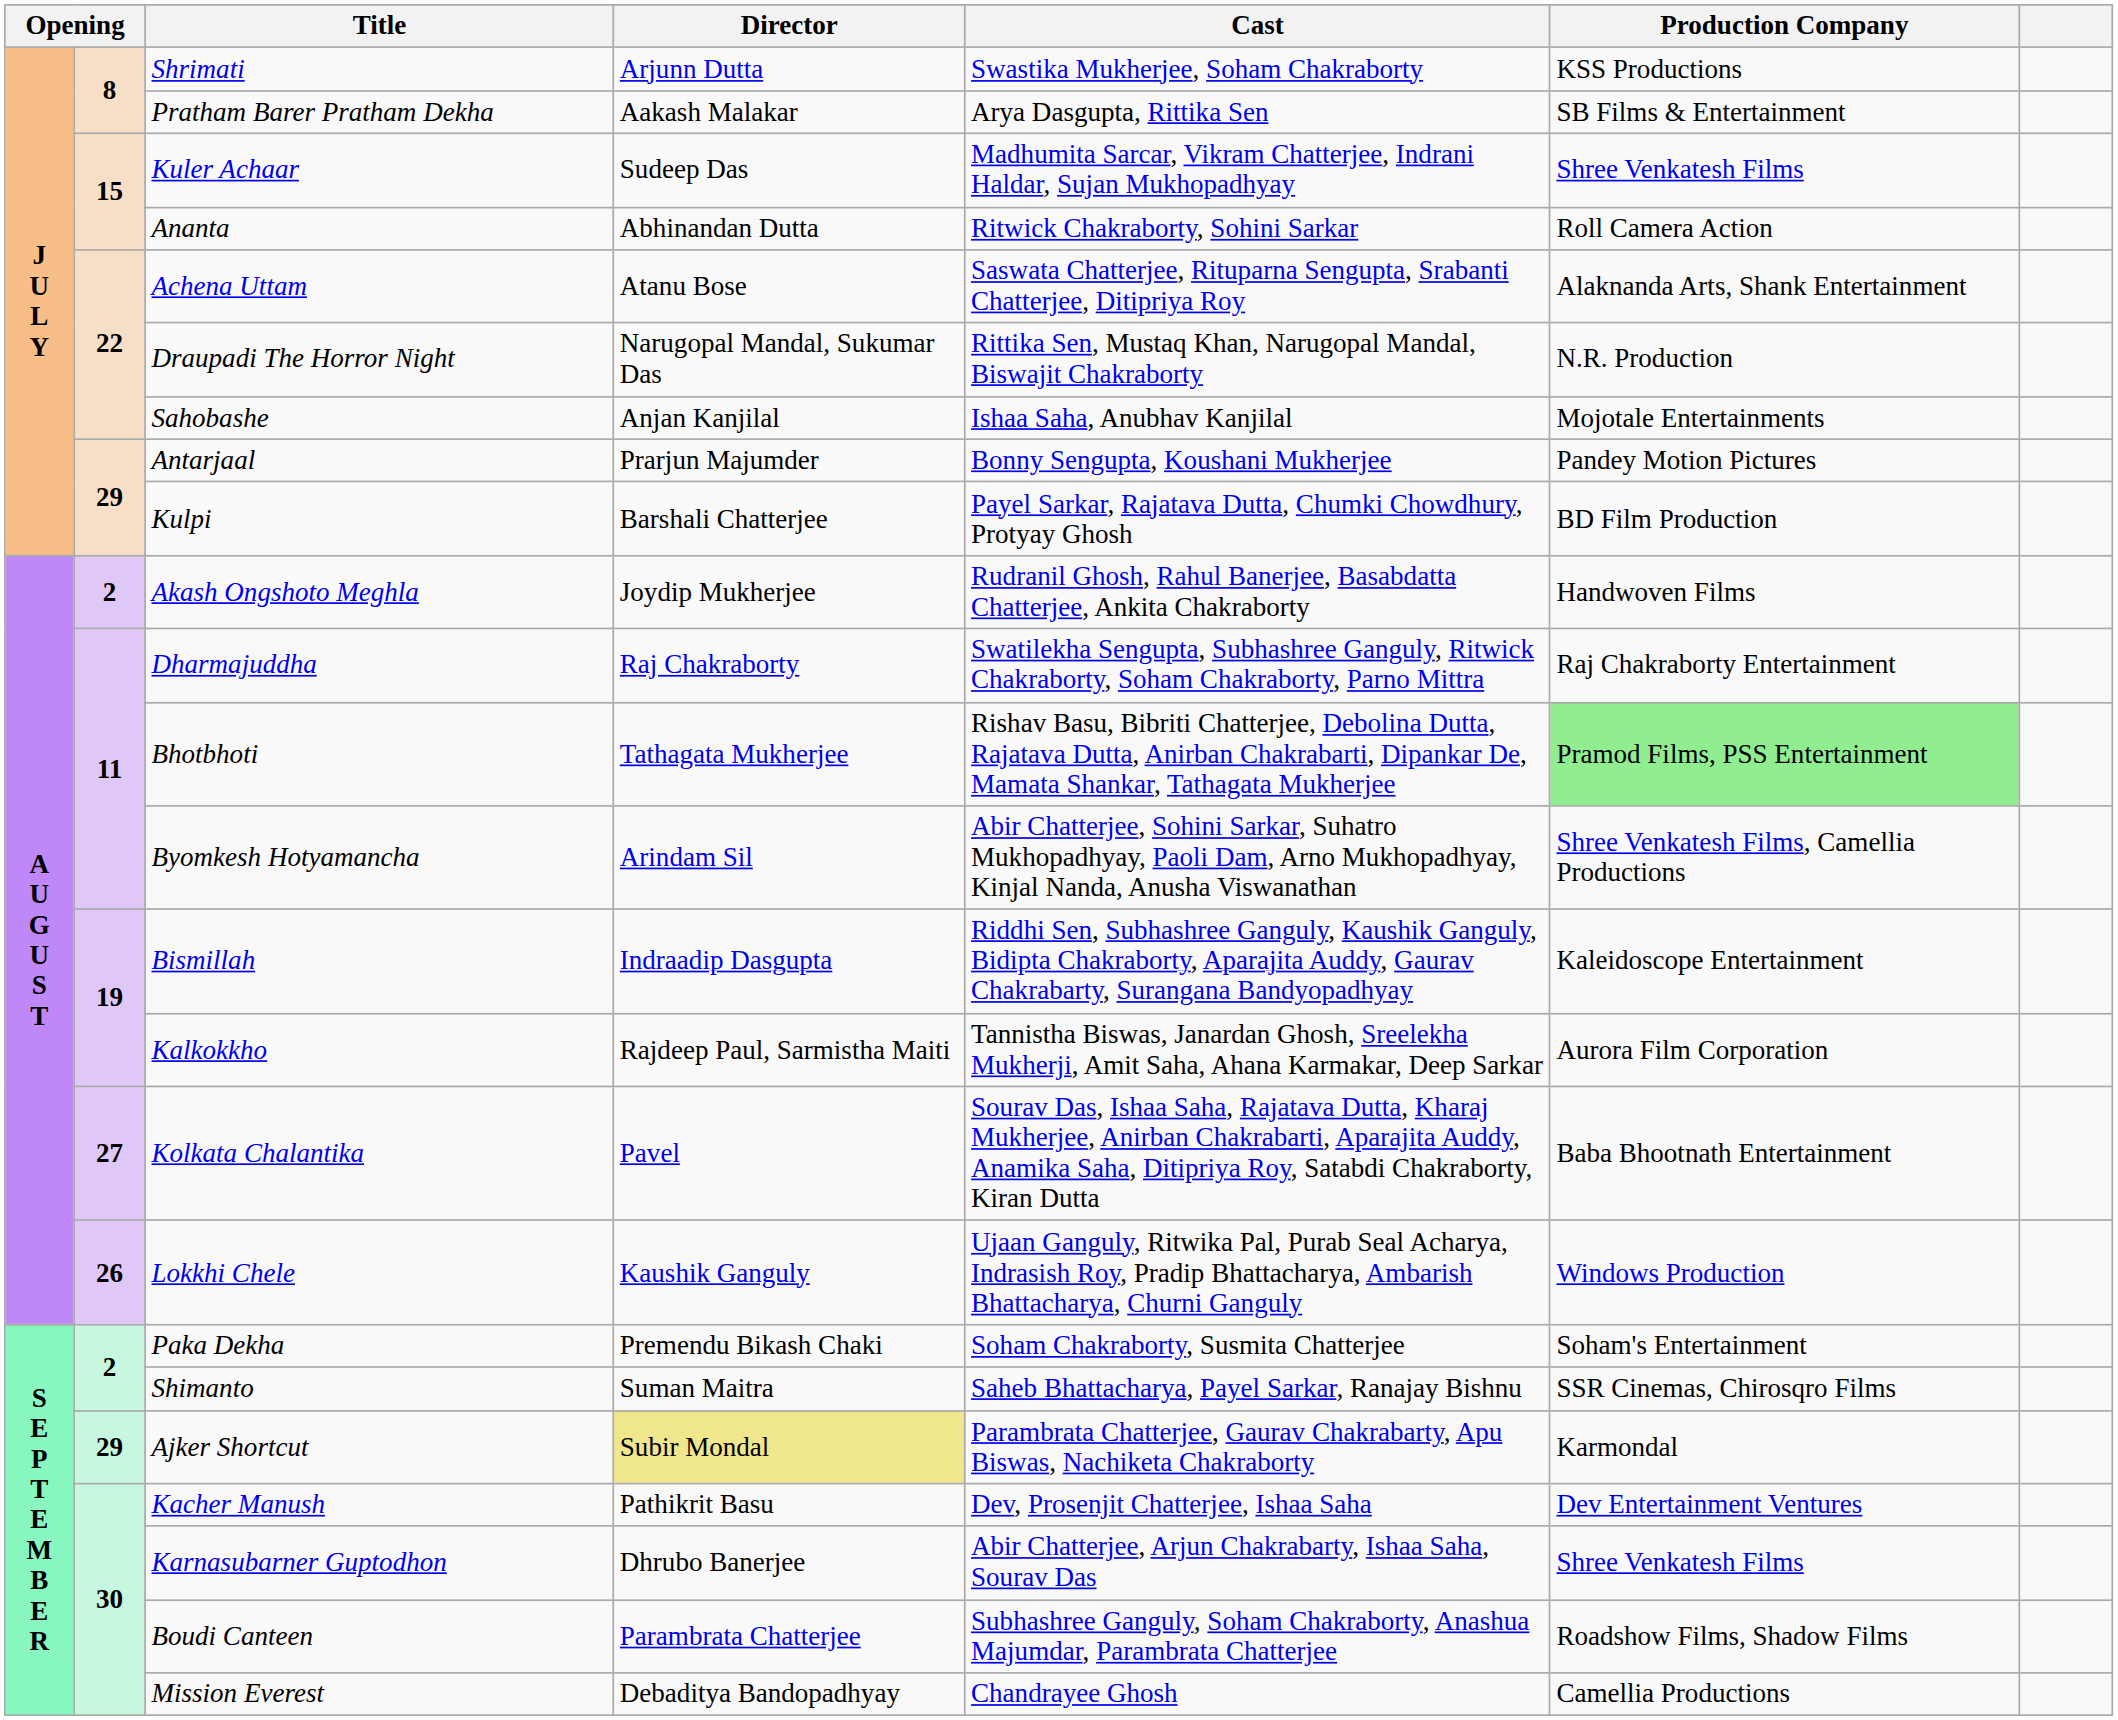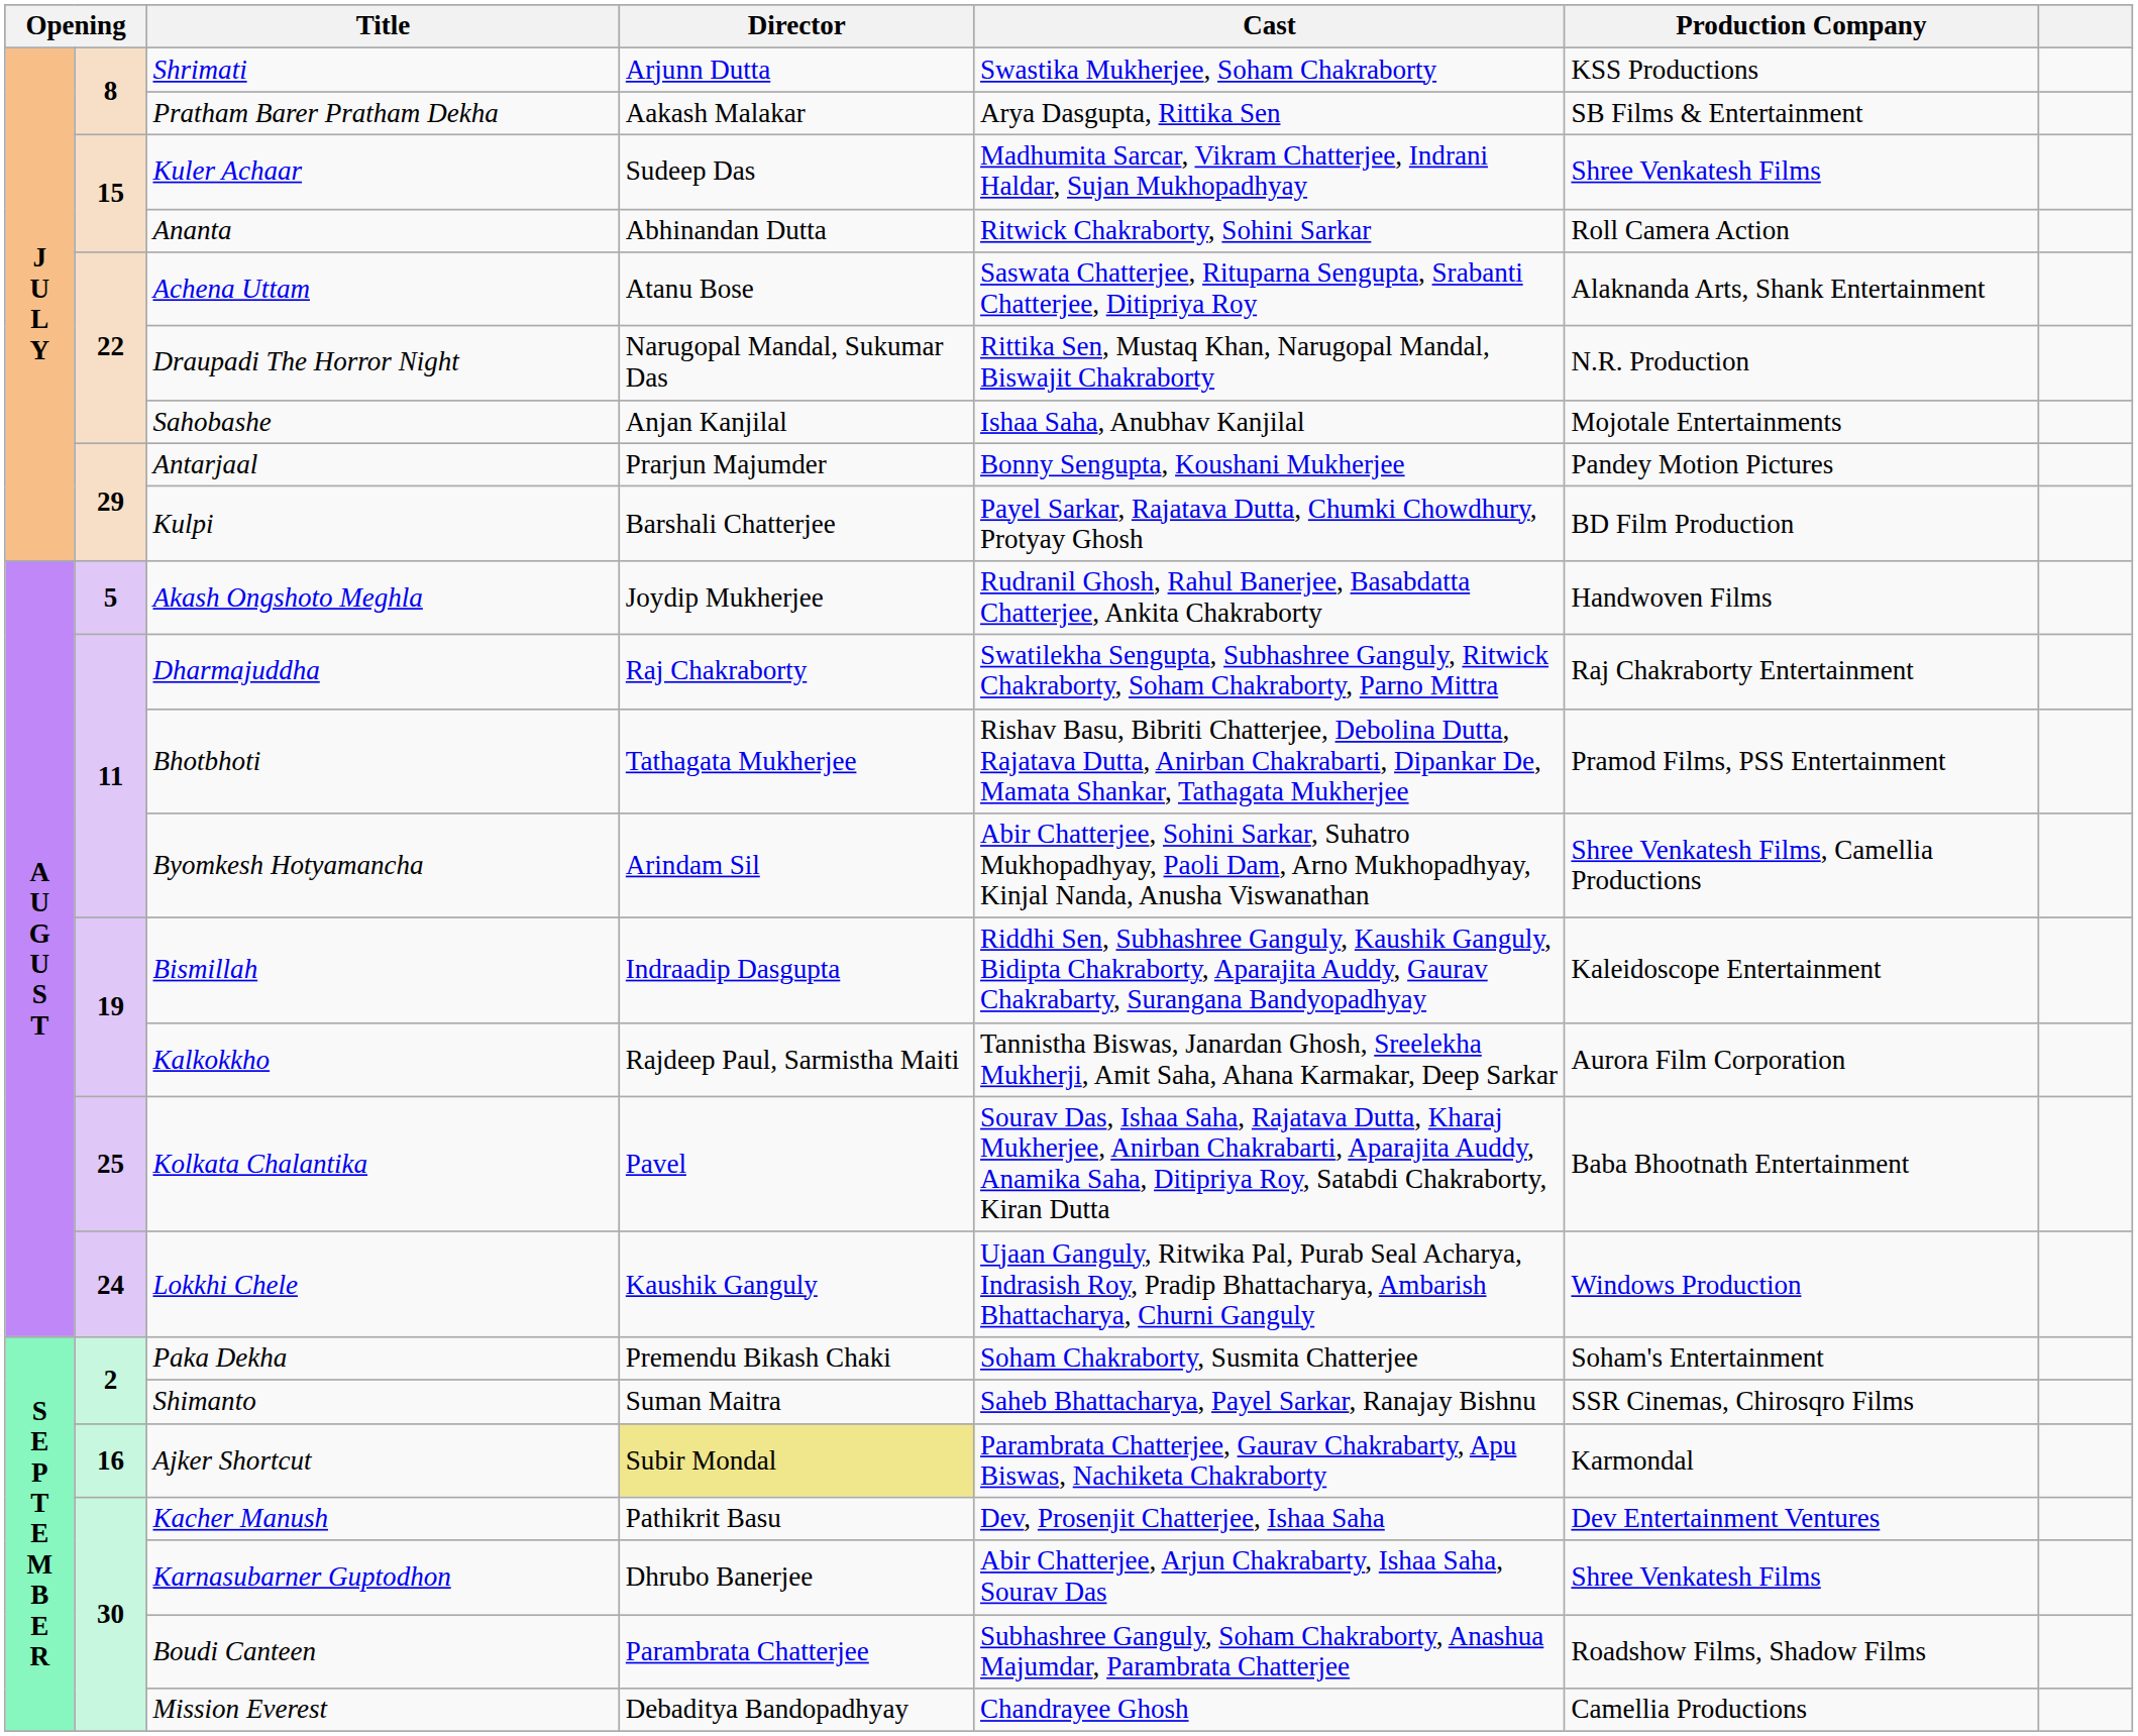 <table class="wikitable sortable">
 <tr style="background:#b0e0e6; text-align:center;">
 <th colspan="2" style="width:6%;"><strong>Opening</strong></th>
 <th style="width:20%;"><strong>Title</strong></th>
 <th style="width:15%;"><strong>Director</strong></th>
 <th style="width:25%;"><strong>Cast</strong></th>
 <th style="width:20%;">Production Company</th>
 <th style="width:4%;"><strong></strong></th>
 </tr>
 <tr>
 <th rowspan="9" style="text-align:center; background:#f7bf87; text color:#000;">J <br> U <br>L<br>Y</th>
 <td rowspan="2" style="text-align:center; background:#f7dfc7"><strong>8</strong></td>
 <td><em><a href='#'>Shrimati</a></em></td>
 <td><a href='#'>Arjunn Dutta</a></td>
 <td><a href='#'>Swastika Mukherjee</a>, <a href='#'>Soham Chakraborty</a></td>
 <td>KSS Productions</td>
 <td></td>
 </tr>
 <tr>
 <td><em>Pratham Barer Pratham Dekha</em></td>
 <td>Aakash Malakar</td>
 <td>Arya Dasgupta, <a href='#'>Rittika Sen</a></td>
 <td>SB Films & Entertainment</td>
 <td></td>
 </tr>
 <tr>
 <td rowspan="2" style="text-align:center; background:#f7dfc7"><strong>15</strong></td>
 <td><em><a href='#'>Kuler Achaar</a></em></td>
 <td>Sudeep Das</td>
 <td><a href='#'>Madhumita Sarcar</a>, <a href='#'>Vikram Chatterjee</a>, <a href='#'>Indrani Haldar</a>, <a href='#'>Sujan Mukhopadhyay</a></td>
 <td><a href='#'>Shree Venkatesh Films</a></td>
 <td></td>
 </tr>
 <tr>
 <td><em>Ananta</em></td>
 <td>Abhinandan Dutta</td>
 <td><a href='#'>Ritwick Chakraborty</a>, <a href='#'>Sohini Sarkar</a></td>
 <td>Roll Camera Action</td>
 <td></td>
 </tr>
 <tr>
 <td rowspan="3" style="text-align:center; background:#f7dfc7"><strong>22</strong></td>
 <td><em><a href='#'>Achena Uttam</a></em></td>
 <td>Atanu Bose</td>
 <td><a href='#'>Saswata Chatterjee</a>, <a href='#'>Rituparna Sengupta</a>, <a href='#'>Srabanti Chatterjee</a>, <a href='#'>Ditipriya Roy</a></td>
 <td>Alaknanda Arts, Shank Entertainment</td>
 <td></td>
 </tr>
 <tr>
 <td><em>Draupadi The Horror Night</em></td>
 <td>Narugopal Mandal, Sukumar Das</td>
 <td><a href='#'>Rittika Sen</a>, Mustaq Khan, Narugopal Mandal, <a href='#'>Biswajit Chakraborty</a></td>
 <td>N.R. Production</td>
 <td></td>
 </tr>
 <tr>
 <td><em>Sahobashe</em></td>
 <td>Anjan Kanjilal</td>
 <td><a href='#'>Ishaa Saha</a>, Anubhav Kanjilal</td>
 <td>Mojotale Entertainments</td>
 <td></td>
 </tr>
 <tr>
 <td rowspan="2" style="text-align:center; background:#f7dfc7"><strong>29</strong></td>
 <td><em>Antarjaal</em></td>
 <td>Prarjun Majumder</td>
 <td><a href='#'>Bonny Sengupta</a>, <a href='#'>Koushani Mukherjee</a></td>
 <td>Pandey Motion Pictures</td>
 <td></td>
 </tr>
 <tr>
 <td><em>Kulpi</em></td>
 <td>Barshali Chatterjee</td>
 <td><a href='#'>Payel Sarkar</a>, <a href='#'>Rajatava Dutta</a>, <a href='#'>Chumki Chowdhury</a>, Protyay Ghosh</td>
 <td>BD Film Production</td>
 <td></td>
 </tr>
 <tr>
 <th rowspan="8" style="text-align:center; background:#bf87f7">A <br> U <br> G <br> U <br> S <br>T</th>
-<td rowspan="1" style="text-align:center; background:#dfc7f7"><strong>2</strong></td>
+<td rowspan="1" style="text-align:center; background:#dfc7f7"><strong>5</strong></td>
 <td><em><a href='#'>Akash Ongshoto Meghla</a></em></td>
 <td>Joydip Mukherjee</td>
 <td><a href='#'>Rudranil Ghosh</a>, <a href='#'>Rahul Banerjee</a>, <a href='#'>Basabdatta Chatterjee</a>, Ankita Chakraborty</td>
 <td>Handwoven Films</td>
 <td></td>
 </tr>
 <tr>
 <td rowspan="3" style="text-align:center; background:#dfc7f7"><strong>11</strong></td>
 <td><em><a href='#'>Dharmajuddha</a></em></td>
 <td><a href='#'>Raj Chakraborty</a></td>
 <td><a href='#'>Swatilekha Sengupta</a>, <a href='#'>Subhashree Ganguly</a>, <a href='#'>Ritwick Chakraborty</a>, <a href='#'>Soham Chakraborty</a>, <a href='#'>Parno Mittra</a></td>
 <td>Raj Chakraborty Entertainment</td>
 <td></td>
 </tr>
 <tr>
 <td><em>Bhotbhoti</em></td>
 <td><a href='#'>Tathagata Mukherjee</a></td>
 <td>Rishav Basu, Bibriti Chatterjee, <a href='#'>Debolina Dutta</a>, <a href='#'>Rajatava Dutta</a>, <a href='#'>Anirban Chakrabarti</a>, <a href='#'>Dipankar De</a>, <a href='#'>Mamata Shankar</a>, <a href='#'>Tathagata Mukherjee</a></td>
-<td style="background: lightgreen;">Pramod Films, PSS Entertainment</td>
+<td>Pramod Films, PSS Entertainment</td>
 <td></td>
 </tr>
 <tr>
 <td><em>Byomkesh Hotyamancha</em></td>
 <td><a href='#'>Arindam Sil</a></td>
 <td><a href='#'>Abir Chatterjee</a>, <a href='#'>Sohini Sarkar</a>, Suhatro Mukhopadhyay, <a href='#'>Paoli Dam</a>, Arno Mukhopadhyay, Kinjal Nanda, Anusha Viswanathan</td>
 <td><a href='#'>Shree Venkatesh Films</a>, Camellia Productions</td>
 <td></td>
 </tr>
 <tr>
 <td rowspan="2" style="text-align:center; background:#dfc7f7 "><strong>19</strong></td>
 <td><em><a href='#'>Bismillah</a></em></td>
 <td><a href='#'>Indraadip Dasgupta</a></td>
 <td><a href='#'>Riddhi Sen</a>, <a href='#'>Subhashree Ganguly</a>, <a href='#'>Kaushik Ganguly</a>, <a href='#'>Bidipta Chakraborty</a>, <a href='#'>Aparajita Auddy</a>, <a href='#'>Gaurav Chakrabarty</a>, <a href='#'>Surangana Bandyopadhyay</a></td>
 <td>Kaleidoscope Entertainment</td>
 <td></td>
 </tr>
 <tr>
 <td><em><a href='#'>Kalkokkho</a></em></td>
 <td>Rajdeep Paul, Sarmistha Maiti</td>
 <td>Tannistha Biswas, Janardan Ghosh, <a href='#'>Sreelekha Mukherji</a>, Amit Saha, Ahana Karmakar, Deep Sarkar</td>
 <td>Aurora Film Corporation</td>
 <td></td>
 </tr>
 <tr>
-<td style="text-align:center; background:#dfc7f7 "><strong>27</strong></td>
+<td style="text-align:center; background:#dfc7f7 "><strong>25</strong></td>
 <td><em><a href='#'>Kolkata Chalantika</a></em></td>
 <td><a href='#'>Pavel</a></td>
 <td><a href='#'>Sourav Das</a>, <a href='#'>Ishaa Saha</a>, <a href='#'>Rajatava Dutta</a>, <a href='#'>Kharaj Mukherjee</a>, <a href='#'>Anirban Chakrabarti</a>, <a href='#'>Aparajita Auddy</a>, <a href='#'>Anamika Saha</a>, <a href='#'>Ditipriya Roy</a>, Satabdi Chakraborty, Kiran Dutta</td>
 <td>Baba Bhootnath Entertainment</td>
 <td></td>
 </tr>
 <tr>
-<td style="text-align:center; background:#dfc7f7 "><strong>26</strong></td>
+<td style="text-align:center; background:#dfc7f7 "><strong>24</strong></td>
 <td><em><a href='#'>Lokkhi Chele</a></em></td>
 <td><a href='#'>Kaushik Ganguly</a></td>
 <td><a href='#'>Ujaan Ganguly</a>, Ritwika Pal, Purab Seal Acharya, <a href='#'>Indrasish Roy</a>, Pradip Bhattacharya, <a href='#'>Ambarish Bhattacharya</a>, <a href='#'>Churni Ganguly</a></td>
 <td><a href='#'>Windows Production</a></td>
 <td></td>
 </tr>
 <tr>
 <th rowspan="9" style="text-align:center; background:#87f7bf">S<br>E<br>P<br>T<br>E<br>M<br>B<br>E<br>R</th>
 <th rowspan="2" style="text-align:center; background:#c7f7df"><strong>2</strong></th>
 <td><em>Paka Dekha</em></td>
 <td>Premendu Bikash Chaki</td>
 <td><a href='#'>Soham Chakraborty</a>, Susmita Chatterjee</td>
 <td>Soham's Entertainment</td>
 <td></td>
 </tr>
 <tr>
 <td><em>Shimanto</em></td>
 <td>Suman Maitra</td>
 <td><a href='#'>Saheb Bhattacharya</a>, <a href='#'>Payel Sarkar</a>, Ranajay Bishnu</td>
 <td>SSR Cinemas, Chirosqro Films</td>
 <td></td>
 </tr>
 <tr>
-<td rowspan="1" style="text-align:center; background:#c7f7df"><strong>29</strong></td>
+<td rowspan="1" style="text-align:center; background:#c7f7df"><strong>16</strong></td>
 <td><em>Ajker Shortcut</em></td>
 <td style="background: khaki;">Subir Mondal</td>
 <td><a href='#'>Parambrata Chatterjee</a>, <a href='#'>Gaurav Chakrabarty</a>, <a href='#'>Apu Biswas</a>, <a href='#'>Nachiketa Chakraborty</a></td>
 <td>Karmondal</td>
 <td></td>
 </tr>
 <tr>
 <th rowspan="4" style="text-align:center; background:#c7f7df"><strong>30</strong></th>
 <td><em><a href='#'>Kacher Manush</a></em></td>
 <td>Pathikrit Basu</td>
 <td><a href='#'>Dev</a>, <a href='#'>Prosenjit Chatterjee</a>, <a href='#'>Ishaa Saha</a></td>
 <td><a href='#'>Dev Entertainment Ventures</a></td>
 <td></td>
 </tr>
 <tr>
 <td><em><a href='#'>Karnasubarner Guptodhon</a></em></td>
 <td>Dhrubo Banerjee</td>
 <td><a href='#'>Abir Chatterjee</a>, <a href='#'>Arjun Chakrabarty</a>, <a href='#'>Ishaa Saha</a>, <a href='#'>Sourav Das</a></td>
 <td><a href='#'>Shree Venkatesh Films</a></td>
 <td></td>
 </tr>
 <tr>
 <td><em>Boudi Canteen</em></td>
 <td><a href='#'>Parambrata Chatterjee</a></td>
 <td><a href='#'>Subhashree Ganguly</a>, <a href='#'>Soham Chakraborty</a>, <a href='#'>Anashua Majumdar</a>, <a href='#'>Parambrata Chatterjee</a></td>
 <td>Roadshow Films, Shadow Films</td>
 <td></td>
 </tr>
 <tr>
 <td><em>Mission Everest</em></td>
 <td>Debaditya Bandopadhyay</td>
 <td><a href='#'>Chandrayee Ghosh</a></td>
 <td>Camellia Productions</td>
 <td></td>
 </tr>
 </table>
